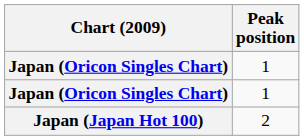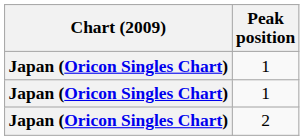 <table class="wikitable sortable plainrowheaders" style="text-align:center">
 <tr>
 <th scope="col">Chart (2009)</th>
 <th scope="col">Peak<br> position</th>
 </tr>
 <tr>
 <th scope="row">Japan (<a href='#'>Oricon Singles Chart</a>)</th>
 <td>1</td>
 </tr>
 <tr>
 <th scope="row">Japan (<a href='#'>Oricon Singles Chart</a>)</th>
 <td>1</td>
 </tr>
 <tr>
-<th scope="row">Japan (<a href='#'>Japan Hot 100</a>)</th>
+<th scope="row">Japan (<a href='#'>Oricon Singles Chart</a>)</th>
 <td>2</td>
 </tr>
 </table>
